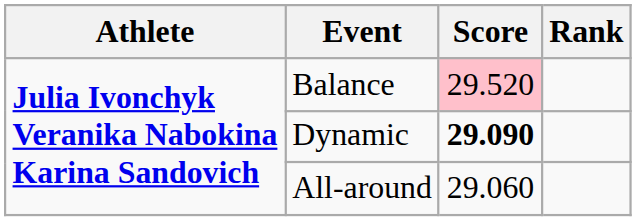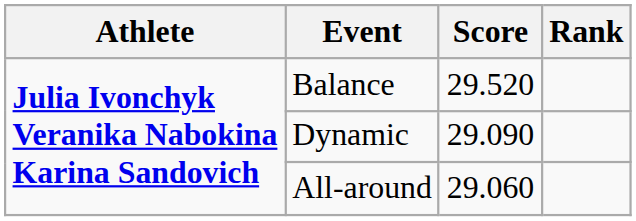 <table class="wikitable" style="text-align:center; font-size:90%">
 <tr>
 <th>Athlete</th>
 <th>Event</th>
 <th>Score</th>
 <th>Rank</th>
 </tr>
 <tr>
 <td rowspan=3 align=left><strong><a href='#'>Julia Ivonchyk</a><br><a href='#'>Veranika Nabokina</a><br><a href='#'>Karina Sandovich</a></strong></td>
 <td align=left>Balance</td>
-<td style="background: pink;">29.520</td>
+<td>29.520</td>
 <td></td>
 </tr>
 <tr>
 <td align=left>Dynamic</td>
-<td><strong>29.090</strong></td>
+<td>29.090</td>
 <td></td>
 </tr>
 <tr>
 <td align=left>All-around</td>
 <td>29.060</td>
 <td></td>
 </tr>
 </table>
